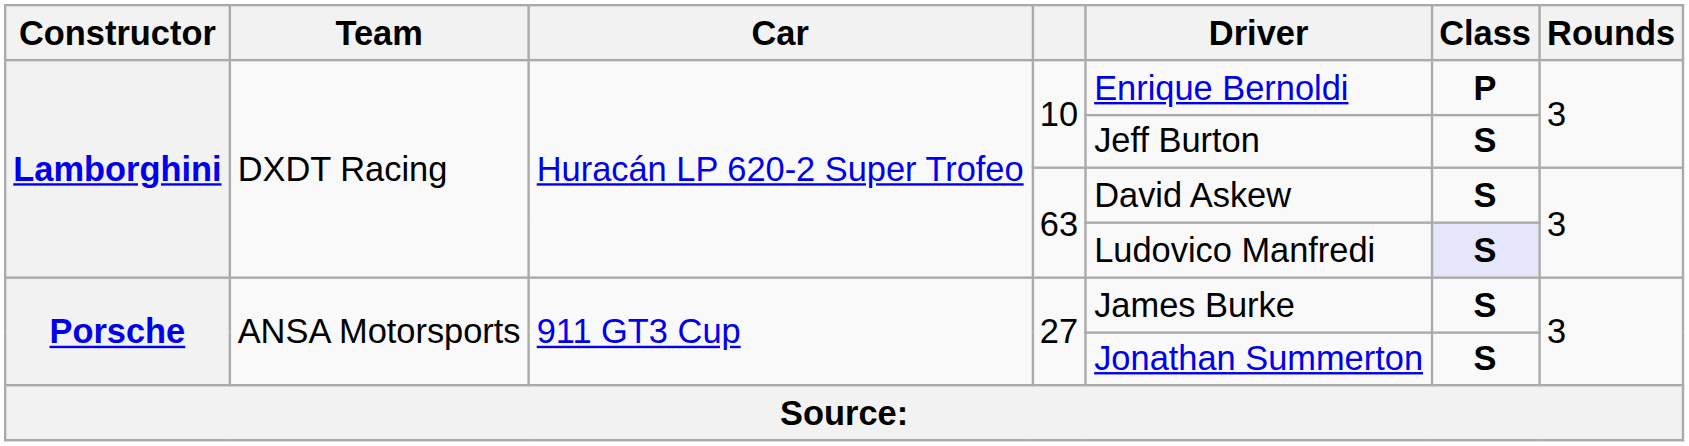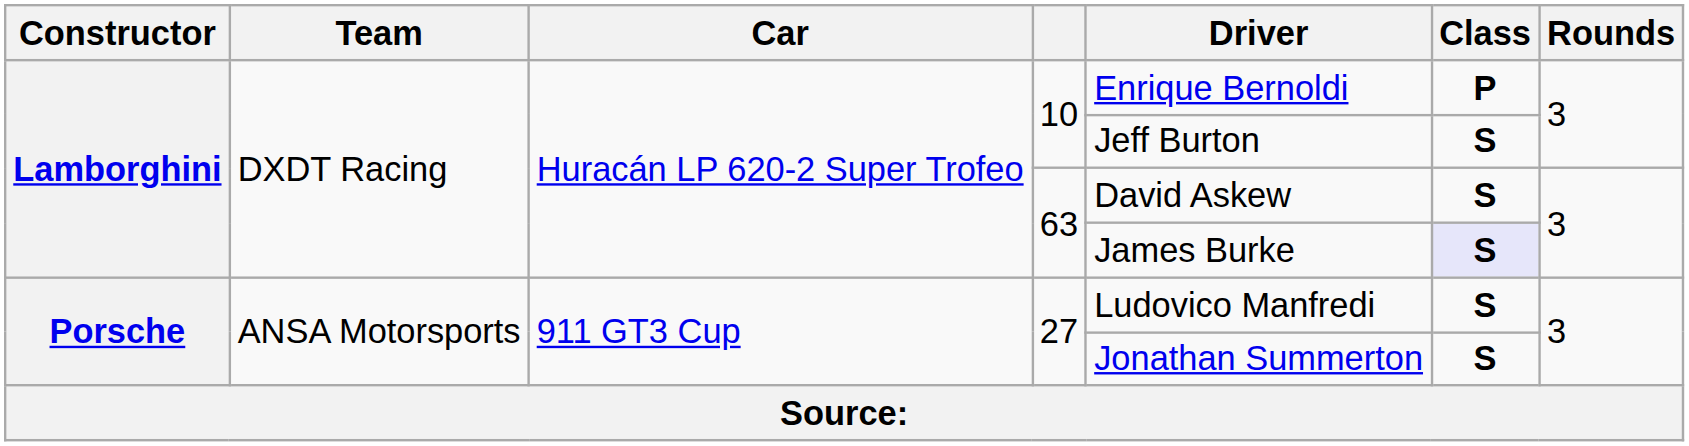 <table class="wikitable" style="font-size: 90%; max-width: 950px">
 <tr>
 <th>Constructor</th>
 <th>Team</th>
 <th>Car</th>
 <th></th>
 <th>Driver</th>
 <th>Class</th>
 <th>Rounds</th>
 </tr>
 <tr>
 <th rowspan=4><a href='#'>Lamborghini</a></th>
 <td rowspan=4>DXDT Racing</td>
 <td rowspan=4><a href='#'>Huracán LP 620-2 Super Trofeo</a></td>
 <td rowspan=2 align=center>10</td>
 <td> <a href='#'>Enrique Bernoldi</a></td>
 <td align=center><strong><span>P</span></strong></td>
 <td rowspan=2>3</td>
 </tr>
 <tr>
 <td> Jeff Burton</td>
 <td align=center><strong><span>S</span></strong></td>
 </tr>
 <tr>
 <td rowspan=2 align=center>63</td>
 <td> David Askew</td>
 <td align=center><strong><span>S</span></strong></td>
 <td rowspan=2>3</td>
 </tr>
 <tr>
-<td> Ludovico Manfredi</td>
+<td> James Burke</td>
 <td align=center style="background: lavender;"><strong><span>S</span></strong></td>
 </tr>
 <tr>
 <th rowspan=2><a href='#'>Porsche</a></th>
 <td rowspan=2>ANSA Motorsports</td>
 <td rowspan=2><a href='#'>911 GT3 Cup</a></td>
 <td rowspan=2 align=center>27</td>
-<td> James Burke</td>
+<td> Ludovico Manfredi</td>
 <td align=center><strong><span>S</span></strong></td>
 <td rowspan=2>3</td>
 </tr>
 <tr>
 <td> <a href='#'>Jonathan Summerton</a></td>
 <td align=center><strong><span>S</span></strong></td>
 </tr>
 <tr>
 <th colspan=7>Source:</th>
 </tr>
 </table>
